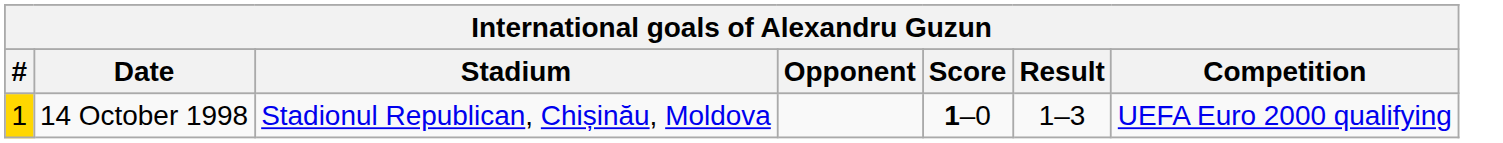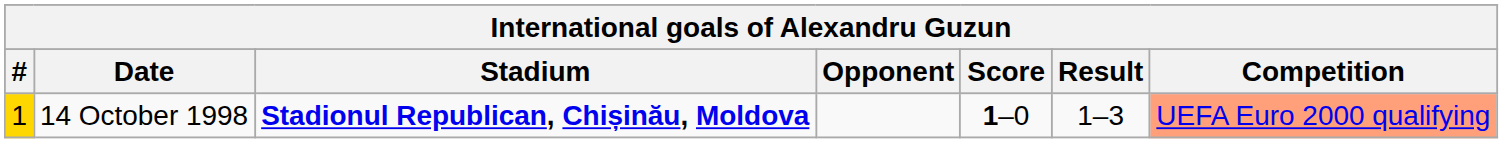 <table class="wikitable" style="text-align:center; font-size:95%;">
 <tr>
 <th colspan=7>International goals of Alexandru Guzun</th>
 </tr>
 <tr>
 <th>#</th>
 <th>Date</th>
 <th>Stadium</th>
 <th>Opponent</th>
 <th>Score</th>
 <th>Result</th>
 <th>Competition</th>
 </tr>
 <tr>
 <td style="background: gold;">1</td>
 <td>14 October 1998</td>
-<td><a href='#'>Stadionul Republican</a>, <a href='#'>Chișinău</a>, <a href='#'>Moldova</a></td>
+<td><strong><a href='#'>Stadionul Republican</a>, <a href='#'>Chișinău</a>, <a href='#'>Moldova</a></strong></td>
 <td></td>
 <td><strong>1</strong>–0</td>
 <td>1–3</td>
-<td><a href='#'>UEFA Euro 2000 qualifying</a></td>
+<td style="background: lightsalmon;"><a href='#'>UEFA Euro 2000 qualifying</a></td>
 </tr>
 </table>
